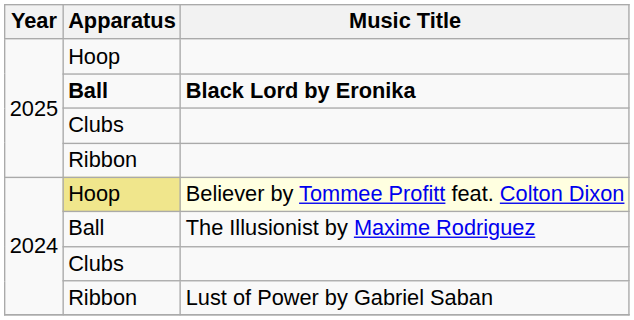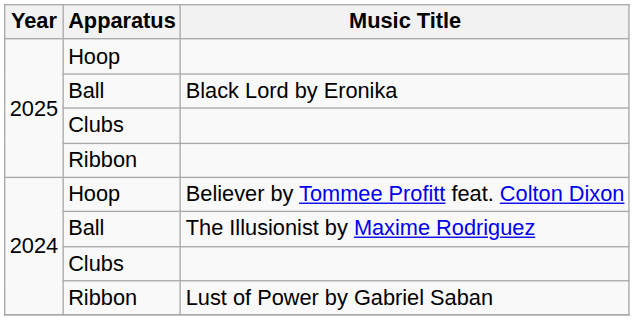 <table class="wikitable">
 <tr>
 <th>Year</th>
 <th>Apparatus</th>
 <th>Music Title</th>
 </tr>
 <tr>
 <td rowspan="4">2025</td>
 <td>Hoop</td>
 <td></td>
 </tr>
 <tr>
-<td><strong>Ball</strong></td>
-<td><strong>Black Lord by Eronika</strong></td>
+<td>Ball</td>
+<td>Black Lord by Eronika</td>
 </tr>
 <tr>
 <td>Clubs</td>
 <td></td>
 </tr>
 <tr>
 <td>Ribbon</td>
 <td></td>
 </tr>
 <tr>
 <td rowspan="4">2024</td>
-<td style="background: khaki;">Hoop</td>
-<td style="background: lightyellow;">Believer by <a href='#'>Tommee Profitt</a> feat. <a href='#'>Colton Dixon</a></td>
+<td>Hoop</td>
+<td>Believer by <a href='#'>Tommee Profitt</a> feat. <a href='#'>Colton Dixon</a></td>
 </tr>
 <tr>
 <td>Ball</td>
 <td>The Illusionist by <a href='#'>Maxime Rodriguez</a></td>
 </tr>
 <tr>
 <td>Clubs</td>
 <td></td>
 </tr>
 <tr>
 <td>Ribbon</td>
 <td>Lust of Power by Gabriel Saban</td>
 </tr>
 <tr>
 </tr>
 </table>
